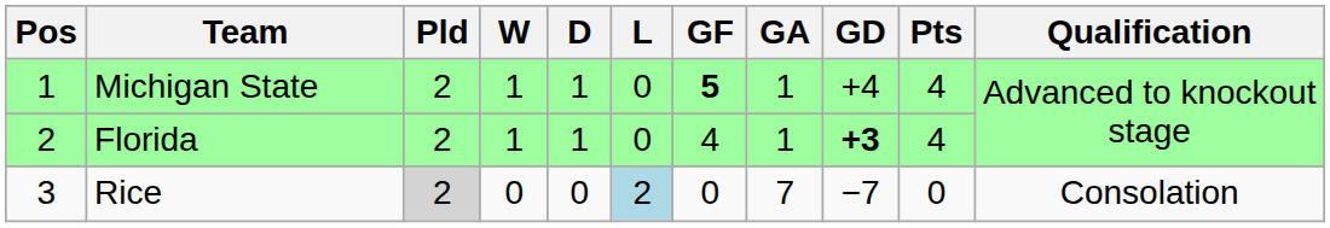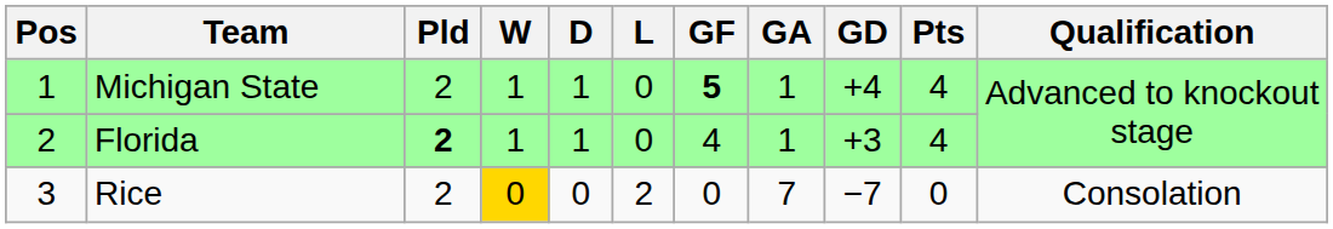 <table class="wikitable" style="text-align:center; margin: 1em auto">
 <tr>
 <th style="width:2em">Pos</th>
 <th style="width:13em">Team</th>
 <th style="width:2em">Pld</th>
 <th style="width:2em">W</th>
 <th style="width:2em">D</th>
 <th style="width:2em">L</th>
 <th style="width:2em">GF</th>
 <th style="width:2em">GA</th>
 <th style="width:2em">GD</th>
 <th style="width:2em">Pts</th>
 <th style="width:13em">Qualification</th>
 </tr>
 <tr bgcolor="#9eff9e">
 <td>1</td>
 <td style="text-align:left">Michigan State</td>
 <td>2</td>
 <td>1</td>
 <td>1</td>
 <td>0</td>
 <td><strong>5</strong></td>
 <td>1</td>
 <td>+4</td>
 <td>4</td>
 <td rowspan="2">Advanced to knockout stage</td>
 </tr>
 <tr bgcolor="#9eff9e">
 <td>2</td>
 <td style="text-align:left">Florida</td>
-<td>2</td>
+<td><strong>2</strong></td>
 <td>1</td>
 <td>1</td>
 <td>0</td>
 <td>4</td>
 <td>1</td>
-<td><strong>+3</strong></td>
+<td>+3</td>
 <td>4</td>
 </tr>
 <tr>
 <td>3</td>
 <td style="text-align:left">Rice</td>
-<td style="background: lightgrey;">2</td>
+<td>2</td>
+<td style="background: gold;">0</td>
 <td>0</td>
-<td>0</td>
-<td style="background: lightblue;">2</td>
+<td>2</td>
 <td>0</td>
 <td>7</td>
 <td>−7</td>
 <td>0</td>
 <td>Consolation</td>
 </tr>
 </table>
